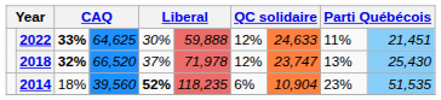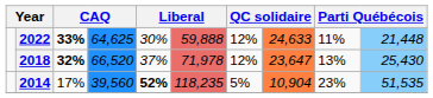 <table class="wikitable" style="float:right; width:400; font-size:90%; margin-left:1em;">
 <tr>
 <th colspan="2" scope="col">Year</th>
 <th colspan="2" scope="col"><a href='#'>CAQ</a></th>
 <th colspan="2" scope="col"><a href='#'>Liberal</a></th>
 <th colspan="2" scope="col"><a href='#'>QC solidaire</a></th>
 <th colspan="2" scope="col"><a href='#'>Parti Québécois</a></th>
 </tr>
 <tr>
 <td rowspan="2" style="width: 0.25em; background-color: "></td>
 <th><a href='#'>2022</a></th>
 <td><strong>33%</strong></td>
 <td style="text-align:right; background:#1E90FF;"><em>64,625</em></td>
 <td><em>30%</em></td>
 <td style="text-align:right; background:#EA6D6A;"><em>59,888</em></td>
 <td>12%</td>
 <td style="text-align:right; background:#FF8040;"><em>24,633</em></td>
 <td>11%</td>
-<td style="text-align:right; background:#87CEFA;"><em>21,451</em></td>
+<td style="text-align:right; background:#87CEFA;"><em>21,448</em></td>
 </tr>
 <tr>
 <th><a href='#'>2018</a></th>
 <td><strong>32%</strong></td>
 <td style="text-align:right; background:#1E90FF;"><em>66,520</em></td>
 <td><em>37%</em></td>
 <td style="text-align:right; background:#EA6D6A;"><em>71,978</em></td>
 <td>12%</td>
-<td style="text-align:right; background:#FF8040;"><em>23,747</em></td>
+<td style="text-align:right; background:#FF8040;"><em>23,647</em></td>
 <td>13%</td>
 <td style="text-align:right; background:#87CEFA;"><em>25,430</em></td>
 </tr>
 <tr>
 <td rowspan="1" style="width: 0.25em; background-color: "></td>
 <th><a href='#'>2014</a></th>
-<td>18%</td>
+<td>17%</td>
 <td style="text-align:right; background:#1E90FF;"><em>39,560</em></td>
 <td><strong>52%</strong></td>
 <td style="text-align:right; background:#EA6D6A;"><em>118,235</em></td>
-<td>6%</td>
+<td>5%</td>
 <td style="text-align:right; background:#FF8040;"><em>10,904</em></td>
 <td>23%</td>
 <td style="text-align:right; background:#87CEFA;"><em>51,535</em></td>
 </tr>
 <tr>
 </tr>
 </table>
